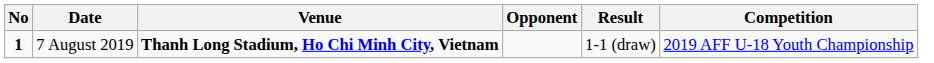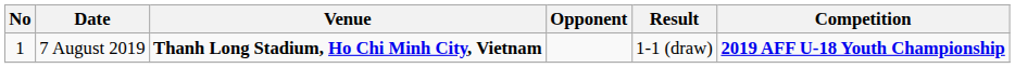 <table class="wikitable">
 <tr>
 <th>No</th>
 <th>Date</th>
 <th>Venue</th>
 <th>Opponent</th>
 <th>Result</th>
 <th>Competition</th>
 </tr>
 <tr>
-<td align=center><strong>1</strong></td>
+<td align=center>1</td>
 <td>7 August 2019</td>
 <td><strong>Thanh Long Stadium, <a href='#'>Ho Chi Minh City</a>, Vietnam</strong></td>
 <td></td>
 <td align=center>1-1 (draw)</td>
-<td><a href='#'>2019 AFF U-18 Youth Championship</a></td>
+<td><strong><a href='#'>2019 AFF U-18 Youth Championship</a></strong></td>
 </tr>
 <tr>
 </tr>
 </table>
